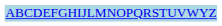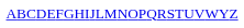 <table id="toc" class="toc" summary="Class">
 <tr>
 <th></th>
 </tr>
 <tr>
-<td style="background: lightblue; text-align:center;"><a href='#'>A</a><a href='#'>B</a><a href='#'>C</a><a href='#'>D</a><a href='#'>E</a><a href='#'>F</a><a href='#'>G</a><a href='#'>H</a><a href='#'>I</a><a href='#'>J</a><a href='#'>L</a><a href='#'>M</a><a href='#'>N</a><a href='#'>O</a><a href='#'>P</a><a href='#'>Q</a><a href='#'>R</a><a href='#'>S</a><a href='#'>T</a><a href='#'>U</a><a href='#'>V</a><a href='#'>W</a><a href='#'>Y</a><a href='#'>Z</a></td>
+<td style="text-align:center;"><a href='#'>A</a><a href='#'>B</a><a href='#'>C</a><a href='#'>D</a><a href='#'>E</a><a href='#'>F</a><a href='#'>G</a><a href='#'>H</a><a href='#'>I</a><a href='#'>J</a><a href='#'>L</a><a href='#'>M</a><a href='#'>N</a><a href='#'>O</a><a href='#'>P</a><a href='#'>Q</a><a href='#'>R</a><a href='#'>S</a><a href='#'>T</a><a href='#'>U</a><a href='#'>V</a><a href='#'>W</a><a href='#'>Y</a><a href='#'>Z</a></td>
 </tr>
 </table>
